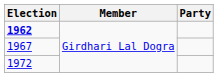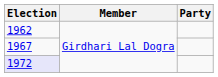 <table class="wikitable sortable">
 <tr>
 <th>Election</th>
 <th>Member</th>
 <th colspan=2>Party</th>
 </tr>
 <tr>
-<td><strong><a href='#'>1962</a></strong></td>
+<td><a href='#'>1962</a></td>
 <td rowspan=3><a href='#'>Girdhari Lal Dogra</a></td>
 <td></td>
 </tr>
 <tr>
 <td><a href='#'>1967</a></td>
 <td></td>
 </tr>
 <tr>
-<td><a href='#'>1972</a></td>
+<td style="background: lavender;"><a href='#'>1972</a></td>
 </tr>
 </table>
